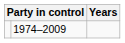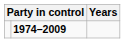 <table class="wikitable">
 <tr>
 <th colspan="2">Party in control</th>
 <th>Years</th>
 </tr>
 <tr>
 <td></td>
-<td>1974–2009</td>
+<td><strong>1974–2009</strong></td>
 </tr>
 </table>
